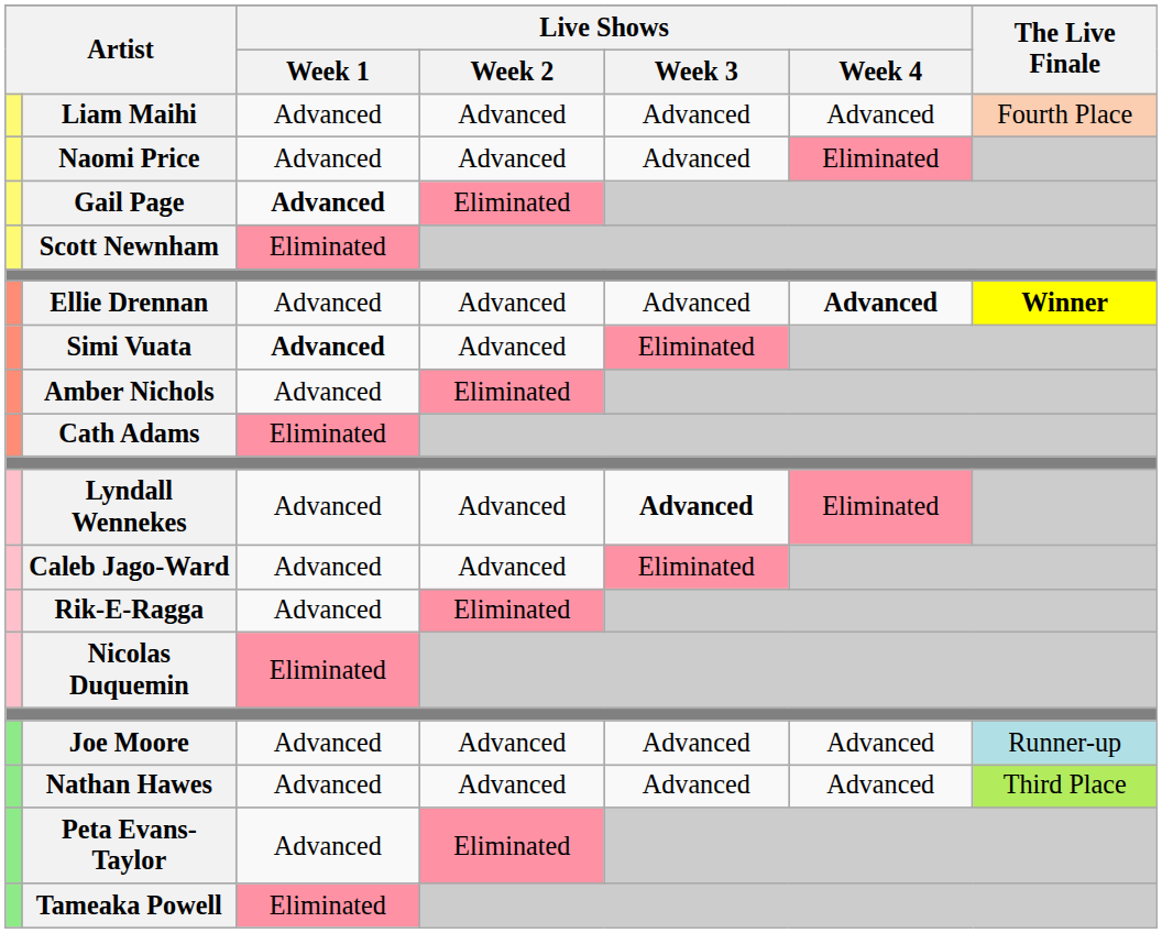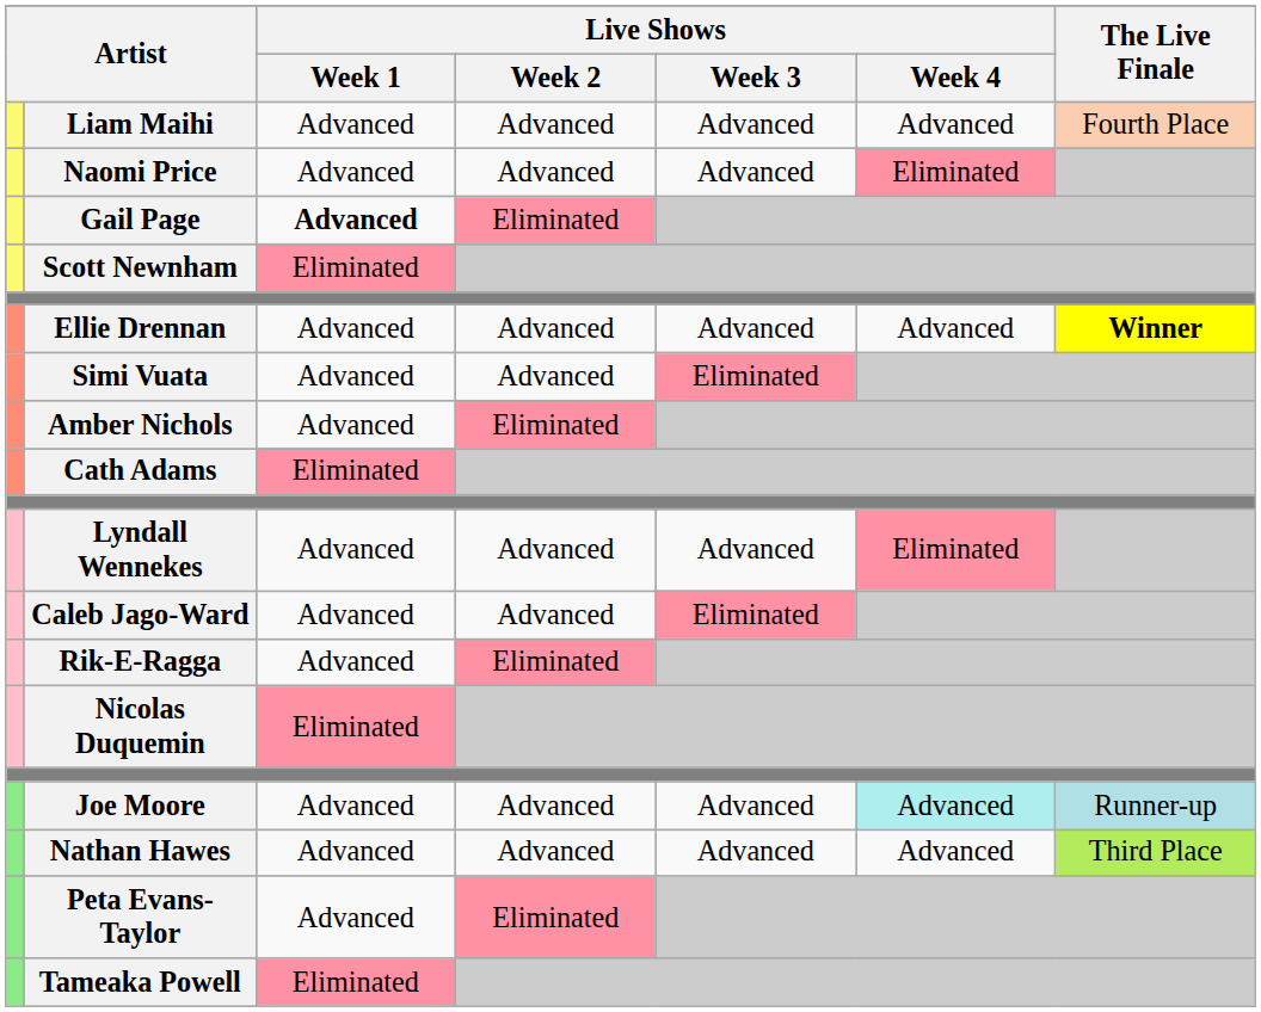 <table class="wikitable" style="font-size:90%; text-align:center; width:100%;">
 <tr>
 </tr>
 <tr>
 <th rowspan="2" colspan="2" width="20%">Artist</th>
 <th colspan="4" width="60%">Live Shows</th>
 <th rowspan="2" width="16%">The Live Finale</th>
 </tr>
 <tr>
 <th width="16%">Week 1</th>
 <th width="16%">Week 2</th>
 <th width="16%">Week 3</th>
 <th width="16%">Week 4</th>
 </tr>
 <tr>
 <th style="background:#fffa73;"></th>
 <th width="18.5%">Liam Maihi</th>
 <td>Advanced</td>
 <td>Advanced</td>
 <td>Advanced</td>
 <td>Advanced</td>
 <td bgcolor="#FBCEB1">Fourth Place</td>
 </tr>
 <tr>
 <th style="background:#fffa73;"></th>
 <th>Naomi Price</th>
 <td>Advanced</td>
 <td>Advanced</td>
 <td>Advanced</td>
 <td style="background:#FF91A4;">Eliminated</td>
 <td colspan="2" style="background:#ccc;"></td>
 </tr>
 <tr>
 <th style="background:#fffa73;"></th>
 <th>Gail Page</th>
 <td><strong>Advanced</strong></td>
 <td style="background:#FF91A4;">Eliminated</td>
 <td colspan="3" style="background:#ccc;"></td>
 </tr>
 <tr>
 <th style="background:#fffa73;"></th>
 <th>Scott Newnham</th>
 <td style="background:#FF91A4;">Eliminated</td>
 <td colspan="4" style="background:#ccc;"></td>
 </tr>
 <tr>
 <th colspan="7" style="background:grey;"></th>
 </tr>
 <tr>
 <th style="background:#ff8c75"></th>
 <th>Ellie Drennan</th>
 <td>Advanced</td>
 <td>Advanced</td>
 <td>Advanced</td>
-<td><strong>Advanced</strong></td>
+<td>Advanced</td>
 <td bgcolor="yellow"><strong>Winner</strong></td>
 </tr>
 <tr>
 <th style="background:#ff8c75"></th>
 <th>Simi Vuata</th>
-<td><strong>Advanced</strong></td>
+<td>Advanced</td>
 <td>Advanced</td>
 <td style="background:#FF91A4;">Eliminated</td>
 <td colspan="2" style="background:#ccc;"></td>
 </tr>
 <tr>
 <th style="background:#ff8c75"></th>
 <th>Amber Nichols</th>
 <td>Advanced</td>
 <td style="background:#FF91A4;">Eliminated</td>
 <td colspan="3" style="background:#ccc;"></td>
 </tr>
 <tr>
 <th style="background:#ff8c75"></th>
 <th>Cath Adams</th>
 <td style="background:#FF91A4;">Eliminated</td>
 <td colspan="4" style="background:#ccc;"></td>
 </tr>
 <tr>
 <th colspan="7" style="background:grey;"></th>
 </tr>
 <tr>
 <th style="background:pink;"></th>
 <th>Lyndall Wennekes</th>
 <td>Advanced</td>
 <td>Advanced</td>
-<td><strong>Advanced</strong></td>
+<td>Advanced</td>
 <td style="background:#FF91A4;">Eliminated</td>
 <td colspan="1" style="background:#ccc;"></td>
 </tr>
 <tr>
 <th style="background:pink;"></th>
 <th>Caleb Jago-Ward</th>
 <td>Advanced</td>
 <td>Advanced</td>
 <td style="background:#FF91A4;">Eliminated</td>
 <td colspan="2" style="background:#ccc;"></td>
 </tr>
 <tr>
 <th style="background:pink;"></th>
 <th>Rik-E-Ragga</th>
 <td>Advanced</td>
 <td style="background:#FF91A4;">Eliminated</td>
 <td colspan="3" style="background:#ccc;"></td>
 </tr>
 <tr>
 <th style="background:pink;"></th>
 <th>Nicolas Duquemin</th>
 <td style="background:#FF91A4;">Eliminated</td>
 <td colspan="4" style="background:#ccc;"></td>
 </tr>
 <tr>
 <th colspan="7" style="background:grey;"></th>
 </tr>
 <tr>
 <th style="background:#8deb87;"></th>
 <th>Joe Moore</th>
 <td>Advanced</td>
 <td>Advanced</td>
 <td>Advanced</td>
-<td>Advanced</td>
+<td style="background: paleturquoise;">Advanced</td>
 <td bgcolor="#B0E0E6">Runner-up</td>
 </tr>
 <tr>
 <th style="background:#8deb87;"></th>
 <th>Nathan Hawes</th>
 <td>Advanced</td>
 <td>Advanced</td>
 <td>Advanced</td>
 <td>Advanced</td>
 <td bgcolor="#B2EC5D">Third Place</td>
 </tr>
 <tr>
 <th style="background:#8deb87;"></th>
 <th>Peta Evans-Taylor</th>
 <td>Advanced</td>
 <td style="background:#FF91A4;">Eliminated</td>
 <td colspan="3" style="background:#ccc;"></td>
 </tr>
 <tr>
 <th style="background:#8deb87;"></th>
 <th>Tameaka Powell</th>
 <td style="background:#FF91A4;">Eliminated</td>
 <td colspan="4" style="background:#ccc;"></td>
 </tr>
 </table>
